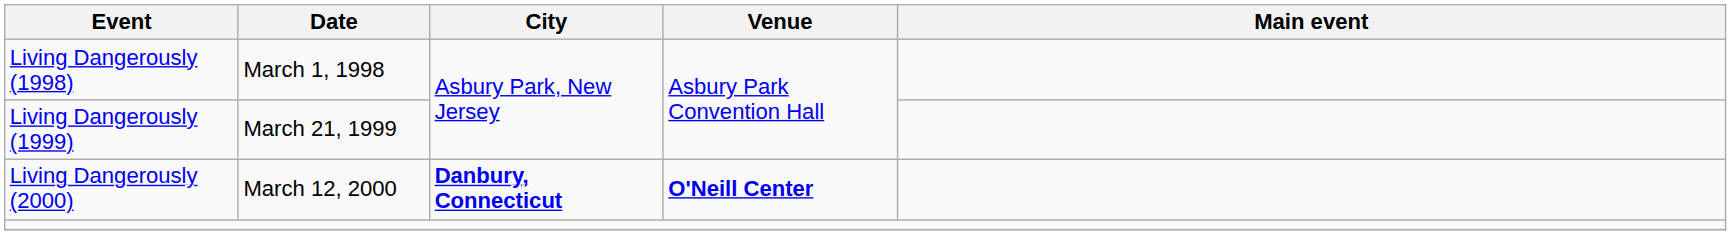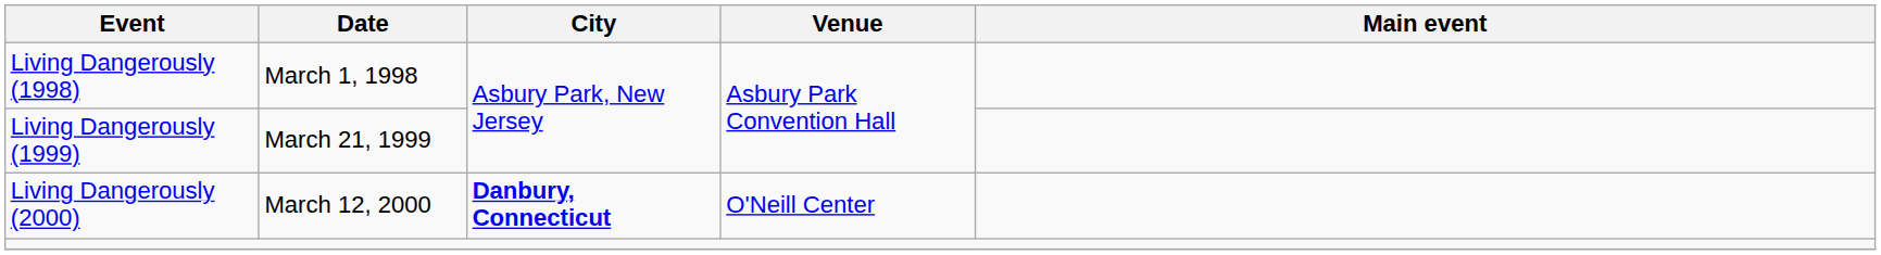 <table class="wikitable">
 <tr>
 <th width=11%>Event</th>
 <th width=9%>Date</th>
 <th width=11%>City</th>
 <th width=11%>Venue</th>
 <th width=39%>Main event</th>
 </tr>
 <tr>
 <td><a href='#'>Living Dangerously (1998)</a></td>
 <td>March 1, 1998</td>
 <td rowspan="2"><a href='#'>Asbury Park, New Jersey</a></td>
 <td rowspan="2"><a href='#'>Asbury Park Convention Hall</a></td>
 <td></td>
 </tr>
 <tr>
 <td><a href='#'>Living Dangerously (1999)</a></td>
 <td>March 21, 1999</td>
 <td></td>
 </tr>
 <tr>
 <td><a href='#'>Living Dangerously (2000)</a></td>
 <td>March 12, 2000</td>
 <td><strong><a href='#'>Danbury, Connecticut</a></strong></td>
-<td><strong><a href='#'>O'Neill Center</a></strong></td>
+<td><a href='#'>O'Neill Center</a></td>
 <td></td>
 </tr>
 <tr>
 <td colspan="10"></td>
 </tr>
 <tr>
 </tr>
 </table>
